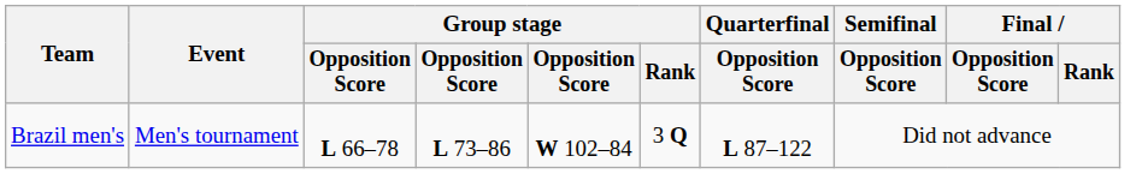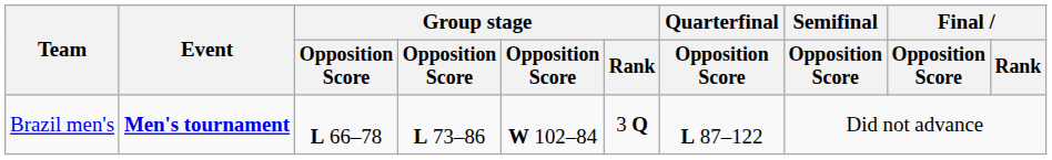 <table class=wikitable style=font-size:90%;text-align:center>
 <tr>
 <th rowspan=2>Team</th>
 <th rowspan=2>Event</th>
 <th colspan=4>Group stage</th>
 <th>Quarterfinal</th>
 <th>Semifinal</th>
 <th colspan=2>Final / </th>
 </tr>
 <tr style=font-size:95%>
 <th>Opposition<br>Score</th>
 <th>Opposition<br>Score</th>
 <th>Opposition<br>Score</th>
 <th>Rank</th>
 <th>Opposition<br>Score</th>
 <th>Opposition<br>Score</th>
 <th>Opposition<br>Score</th>
 <th>Rank</th>
 </tr>
 <tr>
 <td align=left><a href='#'>Brazil men's</a></td>
-<td align=left><a href='#'>Men's tournament</a></td>
+<td align=left><strong><a href='#'>Men's tournament</a></strong></td>
 <td><br><strong>L</strong> 66–78</td>
 <td><br><strong>L</strong> 73–86</td>
 <td><br><strong>W</strong> 102–84</td>
 <td>3 <strong>Q</strong></td>
 <td><br><strong>L</strong> 87–122</td>
 <td colspan=3>Did not advance</td>
 </tr>
 </table>
